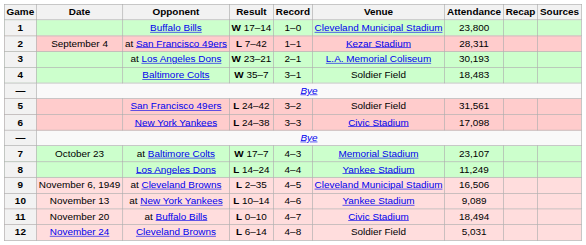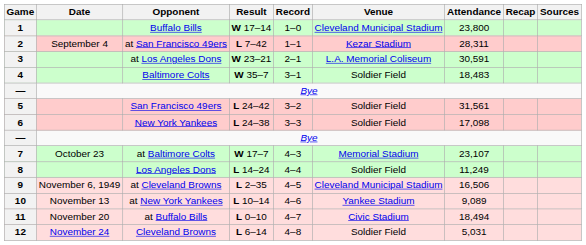 <table class="wikitable" style="text-align:center">
 <tr>
 <th>Game</th>
 <th>Date</th>
 <th>Opponent</th>
 <th>Result</th>
 <th>Record</th>
 <th>Venue</th>
 <th>Attendance</th>
 <th>Recap</th>
 <th>Sources</th>
 </tr>
 <tr style="background:#cfc">
 <th>1</th>
 <td></td>
 <td><a href='#'>Buffalo Bills</a></td>
 <td><strong>W</strong> 17–14</td>
 <td>1–0</td>
 <td><a href='#'>Cleveland Municipal Stadium</a></td>
 <td>23,800</td>
 <td></td>
 <td></td>
 </tr>
 <tr style="background:#fcc">
 <th>2</th>
 <td>September 4</td>
 <td>at <a href='#'>San Francisco 49ers</a></td>
 <td><strong>L</strong> 7–42</td>
 <td>1–1</td>
 <td><a href='#'>Kezar Stadium</a></td>
 <td>28,311</td>
 <td></td>
 <td></td>
 </tr>
 <tr style="background:#cfc">
 <th>3</th>
 <td></td>
 <td>at <a href='#'>Los Angeles Dons</a></td>
 <td><strong>W</strong> 23–21</td>
 <td>2–1</td>
 <td><a href='#'>L.A. Memorial Coliseum</a></td>
-<td>30,193</td>
+<td>30,591</td>
 <td></td>
 <td></td>
 </tr>
 <tr style="background:#cfc">
 <th>4</th>
 <td></td>
 <td><a href='#'>Baltimore Colts</a></td>
 <td><strong>W</strong> 35–7</td>
 <td>3–1</td>
 <td>Soldier Field</td>
 <td>18,483</td>
 <td></td>
 <td></td>
 </tr>
 <tr>
 <th>—</th>
 <td colspan="8"><em><a href='#'>Bye</a></em></td>
 </tr>
 <tr style="background:#fcc">
 <th>5</th>
 <td></td>
 <td><a href='#'>San Francisco 49ers</a></td>
 <td><strong>L</strong> 24–42</td>
 <td>3–2</td>
 <td>Soldier Field</td>
 <td>31,561</td>
 <td></td>
 <td></td>
 </tr>
 <tr style="background: #fcc;">
 <th>6</th>
 <td></td>
 <td><a href='#'>New York Yankees</a></td>
 <td><strong>L</strong> 24–38</td>
 <td>3–3</td>
-<td><a href='#'>Civic Stadium</a></td>
+<td>Soldier Field</td>
 <td>17,098</td>
 <td></td>
 <td></td>
 </tr>
 <tr>
 <th>—</th>
 <td colspan="8"><em><a href='#'>Bye</a></em></td>
 </tr>
 <tr style="background:#cfc">
 <th>7</th>
 <td>October 23</td>
 <td>at <a href='#'>Baltimore Colts</a></td>
 <td><strong>W</strong> 17–7</td>
 <td>4–3</td>
 <td><a href='#'>Memorial Stadium</a></td>
 <td>23,107</td>
 <td></td>
 <td></td>
 </tr>
 <tr style="background:#cfc">
 <th>8</th>
 <td></td>
 <td><a href='#'>Los Angeles Dons</a></td>
 <td><strong>L</strong> 14–24</td>
 <td>4–4</td>
-<td><a href='#'>Yankee Stadium</a></td>
+<td>Soldier Field</td>
 <td>11,249</td>
 <td></td>
 <td></td>
 </tr>
 <tr style="background: #ffdddd;">
 <th>9</th>
 <td>November 6, 1949</td>
 <td>at <a href='#'>Cleveland Browns</a></td>
 <td><strong>L</strong> 2–35</td>
 <td>4–5</td>
 <td><a href='#'>Cleveland Municipal Stadium</a></td>
 <td>16,506</td>
 <td></td>
 <td></td>
 </tr>
 <tr style="background: #ffdddd;">
 <th>10</th>
 <td>November 13</td>
 <td>at <a href='#'>New York Yankees</a></td>
 <td><strong>L</strong> 10–14</td>
 <td>4–6</td>
 <td><a href='#'>Yankee Stadium</a></td>
 <td>9,089</td>
 <td></td>
 <td></td>
 </tr>
 <tr style="background: #ffdddd;">
 <th>11</th>
 <td>November 20</td>
 <td>at <a href='#'>Buffalo Bills</a></td>
 <td><strong>L</strong> 0–10</td>
 <td>4–7</td>
 <td><a href='#'>Civic Stadium</a></td>
 <td>18,494</td>
 <td></td>
 <td></td>
 </tr>
 <tr style="background: #ffdddd;">
 <th>12</th>
 <td><a href='#'>November 24</a></td>
 <td><a href='#'>Cleveland Browns</a></td>
 <td><strong>L</strong> 6–14</td>
 <td>4–8</td>
 <td>Soldier Field</td>
 <td>5,031</td>
 <td></td>
 <td></td>
 </tr>
 </table>
